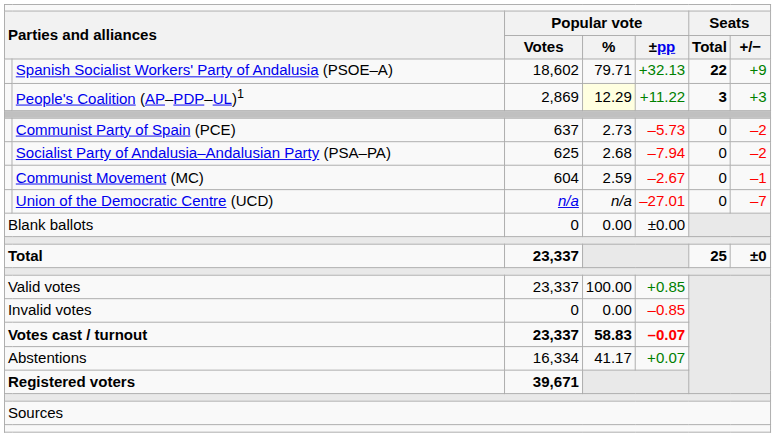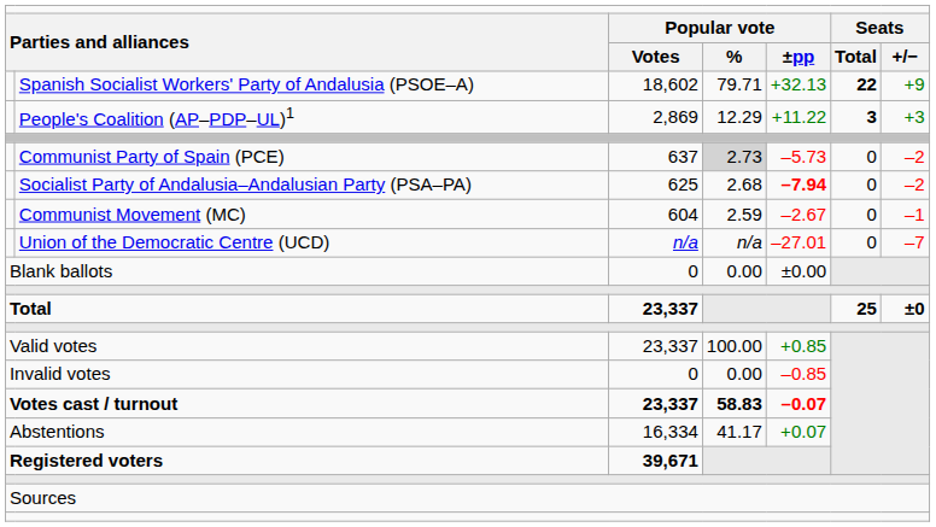 <table class="wikitable" style="text-align:right;">
 <tr>
 <td colspan="7"></td>
 </tr>
 <tr>
 <th style="text-align:left;" rowspan="2" colspan="2" width="525">Parties and alliances</th>
 <th colspan="3">Popular vote</th>
 <th colspan="2">Seats</th>
 </tr>
 <tr>
 <th width="75">Votes</th>
 <th width="45">%</th>
 <th width="45">±<a href='#'>pp</a></th>
 <th width="35">Total</th>
 <th width="35">+/−</th>
 </tr>
 <tr>
 <td width="1" style="color:inherit;background:"></td>
 <td align="left"><a href='#'>Spanish Socialist Workers' Party of Andalusia</a> (PSOE–A)</td>
 <td>18,602</td>
 <td>79.71</td>
 <td style="color:green;">+32.13</td>
 <td><strong>22</strong></td>
 <td style="color:green;">+9</td>
 </tr>
 <tr>
 <td style="color:inherit;background:"></td>
 <td align="left"><a href='#'>People's Coalition</a> (<a href='#'>AP</a>–<a href='#'>PDP</a>–<a href='#'>UL</a>)<sup>1</sup></td>
 <td>2,869</td>
-<td style="background: lightyellow;">12.29</td>
+<td>12.29</td>
 <td style="color:green;">+11.22</td>
 <td><strong>3</strong></td>
 <td style="color:green;">+3</td>
 </tr>
 <tr>
 <td colspan="7" bgcolor="#C0C0C0"></td>
 </tr>
 <tr>
 <td style="color:inherit;background:"></td>
 <td align="left"><a href='#'>Communist Party of Spain</a> (PCE)</td>
 <td>637</td>
-<td>2.73</td>
+<td style="background: lightgrey;">2.73</td>
 <td style="color:red;">–5.73</td>
 <td>0</td>
 <td style="color:red;">–2</td>
 </tr>
 <tr>
 <td style="color:inherit;background:"></td>
 <td align="left"><a href='#'>Socialist Party of Andalusia–Andalusian Party</a> (PSA–PA)</td>
 <td>625</td>
 <td>2.68</td>
-<td style="color:red;">–7.94</td>
+<td style="color:red;"><strong>–7.94</strong></td>
 <td>0</td>
 <td style="color:red;">–2</td>
 </tr>
 <tr>
 <td style="color:inherit;background:"></td>
 <td align="left"><a href='#'>Communist Movement</a> (MC)</td>
 <td>604</td>
 <td>2.59</td>
 <td style="color:red;">–2.67</td>
 <td>0</td>
 <td style="color:red;">–1</td>
 </tr>
 <tr>
 <td style="color:inherit;background:"></td>
 <td align="left"><a href='#'>Union of the Democratic Centre</a> (UCD)</td>
 <td><em><a href='#'>n/a</a></em></td>
 <td><em>n/a</em></td>
 <td style="color:red;">–27.01</td>
 <td>0</td>
 <td style="color:red;">–7</td>
 </tr>
 <tr>
 <td align="left" colspan="2">Blank ballots</td>
 <td>0</td>
 <td>0.00</td>
 <td>±0.00</td>
 <td bgcolor="#E9E9E9" colspan="2"></td>
 </tr>
 <tr>
 <td colspan="7" bgcolor="#E9E9E9"></td>
 </tr>
 <tr style="font-weight:bold;">
 <td align="left" colspan="2">Total</td>
 <td>23,337</td>
 <td bgcolor="#E9E9E9" colspan="2"></td>
 <td>25</td>
 <td>±0</td>
 </tr>
 <tr>
 <td colspan="7" bgcolor="#E9E9E9"></td>
 </tr>
 <tr>
 <td align="left" colspan="2">Valid votes</td>
 <td>23,337</td>
 <td>100.00</td>
 <td style="color:green;">+0.85</td>
 <td bgcolor="#E9E9E9" colspan="2" rowspan="5"></td>
 </tr>
 <tr>
 <td align="left" colspan="2">Invalid votes</td>
 <td>0</td>
 <td>0.00</td>
 <td style="color:red;">–0.85</td>
 </tr>
 <tr style="font-weight:bold;">
 <td align="left" colspan="2">Votes cast / turnout</td>
 <td>23,337</td>
 <td>58.83</td>
 <td style="color:red;">–0.07</td>
 </tr>
 <tr>
 <td align="left" colspan="2">Abstentions</td>
 <td>16,334</td>
 <td>41.17</td>
 <td style="color:green;">+0.07</td>
 </tr>
 <tr style="font-weight:bold;">
 <td align="left" colspan="2">Registered voters</td>
 <td>39,671</td>
 <td bgcolor="#E9E9E9" colspan="2"></td>
 </tr>
 <tr>
 <td colspan="7" bgcolor="#E9E9E9"></td>
 </tr>
 <tr>
 <td align="left" colspan="7">Sources</td>
 </tr>
 <tr>
 <td colspan="7" style="text-align:left; max-width:790px;"></td>
 </tr>
 </table>
